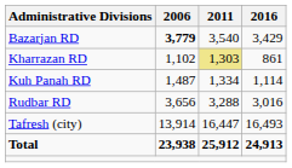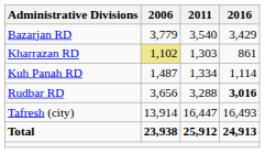 <table class="wikitable">
 <tr>
 <th>Administrative Divisions</th>
 <th>2006</th>
 <th>2011</th>
 <th>2016</th>
 </tr>
 <tr>
 <td><a href='#'>Bazarjan RD</a></td>
-<td style="text-align: right;"><strong>3,779</strong></td>
+<td style="text-align: right;">3,779</td>
 <td style="text-align: right;">3,540</td>
 <td style="text-align: right;">3,429</td>
 </tr>
 <tr>
 <td><a href='#'>Kharrazan RD</a></td>
-<td style="text-align: right;">1,102</td>
-<td style="background: khaki; text-align: right;">1,303</td>
+<td style="background: khaki; text-align: right;">1,102</td>
+<td style="text-align: right;">1,303</td>
 <td style="text-align: right;">861</td>
 </tr>
 <tr>
 <td><a href='#'>Kuh Panah RD</a></td>
 <td style="text-align: right;">1,487</td>
 <td style="text-align: right;">1,334</td>
 <td style="text-align: right;">1,114</td>
 </tr>
 <tr>
 <td><a href='#'>Rudbar RD</a></td>
 <td style="text-align: right;">3,656</td>
 <td style="text-align: right;">3,288</td>
-<td style="text-align: right;">3,016</td>
+<td style="text-align: right;"><strong>3,016</strong></td>
 </tr>
 <tr>
 <td><a href='#'>Tafresh</a> (city)</td>
 <td style="text-align: right;">13,914</td>
 <td style="text-align: right;">16,447</td>
 <td style="text-align: right;">16,493</td>
 </tr>
 <tr>
 <td><strong>Total</strong></td>
 <td style="text-align: right;"><strong>23,938</strong></td>
 <td style="text-align: right;"><strong>25,912</strong></td>
 <td style="text-align: right;"><strong>24,913</strong></td>
 </tr>
 <tr>
 <td colspan=4></td>
 </tr>
 </table>
